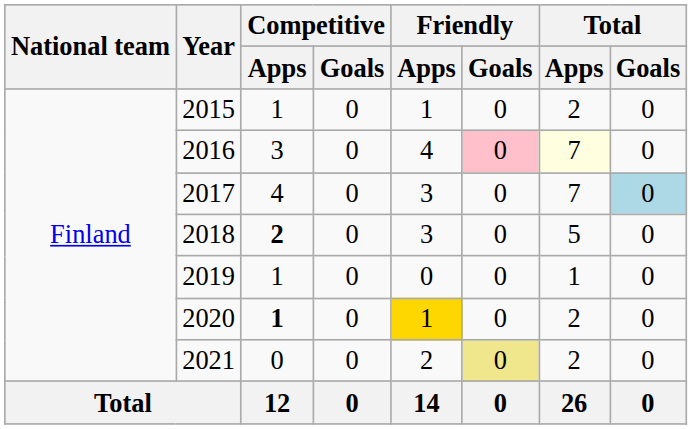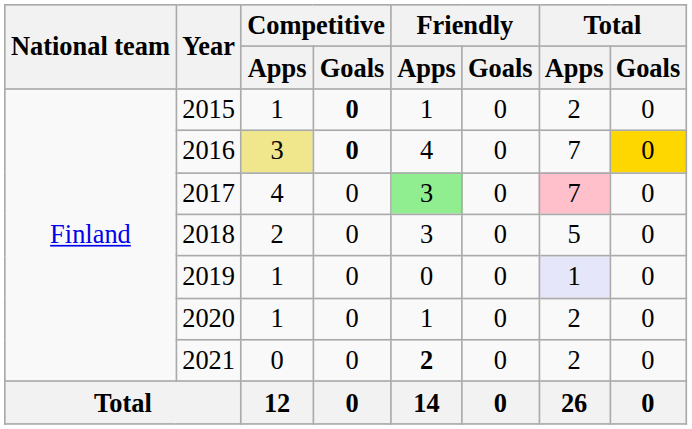 <table class="wikitable" style="text-align:center">
 <tr>
 <th rowspan="2">National team</th>
 <th rowspan="2">Year</th>
 <th colspan="2">Competitive</th>
 <th colspan="2">Friendly</th>
 <th colspan="2">Total</th>
 </tr>
 <tr>
 <th>Apps</th>
 <th>Goals</th>
 <th>Apps</th>
 <th>Goals</th>
 <th>Apps</th>
 <th>Goals</th>
 </tr>
 <tr>
 <td rowspan="7"><a href='#'>Finland</a></td>
 <td>2015</td>
 <td>1</td>
-<td>0</td>
+<td><strong>0</strong></td>
 <td>1</td>
 <td>0</td>
 <td>2</td>
 <td>0</td>
 </tr>
 <tr>
 <td>2016</td>
-<td>3</td>
+<td style="background: khaki;">3</td>
+<td><strong>0</strong></td>
+<td>4</td>
 <td>0</td>
-<td>4</td>
-<td style="background: pink;">0</td>
-<td style="background: lightyellow;">7</td>
-<td>0</td>
+<td>7</td>
+<td style="background: gold;">0</td>
 </tr>
 <tr>
 <td>2017</td>
 <td>4</td>
 <td>0</td>
-<td>3</td>
+<td style="background: lightgreen;">3</td>
 <td>0</td>
-<td>7</td>
-<td style="background: lightblue;">0</td>
+<td style="background: pink;">7</td>
+<td>0</td>
 </tr>
 <tr>
 <td>2018</td>
-<td><strong>2</strong></td>
+<td>2</td>
 <td>0</td>
 <td>3</td>
 <td>0</td>
 <td>5</td>
 <td>0</td>
 </tr>
 <tr>
 <td>2019</td>
 <td>1</td>
 <td>0</td>
 <td>0</td>
 <td>0</td>
-<td>1</td>
+<td style="background: lavender;">1</td>
 <td>0</td>
 </tr>
 <tr>
 <td>2020</td>
-<td><strong>1</strong></td>
+<td>1</td>
 <td>0</td>
-<td style="background: gold;">1</td>
+<td>1</td>
 <td>0</td>
 <td>2</td>
 <td>0</td>
 </tr>
 <tr>
 <td>2021</td>
 <td>0</td>
 <td>0</td>
-<td>2</td>
-<td style="background: khaki;">0</td>
+<td><strong>2</strong></td>
+<td>0</td>
 <td>2</td>
 <td>0</td>
 </tr>
 <tr>
 <th colspan="2">Total</th>
 <th>12</th>
 <th>0</th>
 <th>14</th>
 <th>0</th>
 <th>26</th>
 <th>0</th>
 </tr>
 </table>
